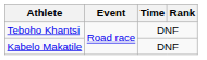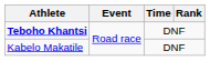 <table class=wikitable style="font-size:90%;">
 <tr>
 <th>Athlete</th>
 <th>Event</th>
 <th>Time</th>
 <th>Rank</th>
 </tr>
 <tr align=center>
-<td align=left><a href='#'>Teboho Khantsi</a></td>
+<td align=left><strong><a href='#'>Teboho Khantsi</a></strong></td>
 <td align=left rowspan=2><a href='#'>Road race</a></td>
 <td colspan=2>DNF</td>
 </tr>
 <tr align=center>
 <td align=left><a href='#'>Kabelo Makatile</a></td>
 <td colspan=2>DNF</td>
 </tr>
 </table>
